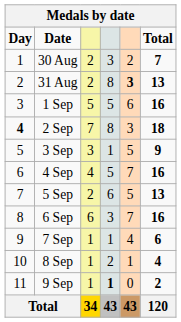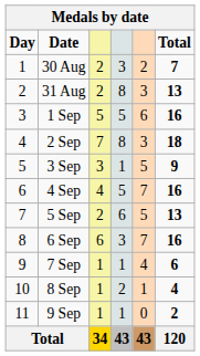 <table class="wikitable" style="font-size:95%;float:right;clear:right;margin-left:0.5em">
 <tr style="background:#efefef;">
 <th colspan=6>Medals by date</th>
 </tr>
 <tr style="text-align:center;">
 <td><strong>Day</strong></td>
 <td><strong>Date</strong></td>
 <td style="background:#F7F6A8;"></td>
 <td style="background:#DCE5E5;"></td>
 <td style="background:#FFDAB9;"></td>
 <td><strong>Total</strong></td>
 </tr>
 <tr style="text-align:center;">
 <td>1</td>
 <td>30 Aug</td>
 <td style="background:#F7F6A8;">2</td>
 <td style="background:#DCE5E5;">3</td>
 <td style="background:#FFDAB9;">2</td>
 <td><strong>7</strong></td>
 </tr>
 <tr style="text-align:center;">
 <td>2</td>
 <td>31 Aug</td>
 <td style="background:#F7F6A8;">2</td>
 <td style="background:#DCE5E5;">8</td>
-<td style="background:#FFDAB9;"><strong>3</strong></td>
+<td style="background:#FFDAB9;">3</td>
 <td><strong>13</strong></td>
 </tr>
 <tr style="text-align:center;">
 <td>3</td>
 <td>1 Sep</td>
 <td style="background:#F7F6A8;">5</td>
 <td style="background:#DCE5E5;">5</td>
 <td style="background:#FFDAB9;">6</td>
 <td><strong>16</strong></td>
 </tr>
 <tr style="text-align:center;">
-<td><strong>4</strong></td>
+<td>4</td>
 <td>2 Sep</td>
 <td style="background:#F7F6A8;">7</td>
 <td style="background:#DCE5E5;">8</td>
 <td style="background:#FFDAB9;">3</td>
 <td><strong>18</strong></td>
 </tr>
 <tr style="text-align:center;">
 <td>5</td>
 <td>3 Sep</td>
 <td style="background:#F7F6A8;">3</td>
 <td style="background:#DCE5E5;">1</td>
 <td style="background:#FFDAB9;">5</td>
 <td><strong>9</strong></td>
 </tr>
 <tr style="text-align:center;">
 <td>6</td>
 <td>4 Sep</td>
 <td style="background:#F7F6A8;">4</td>
 <td style="background:#DCE5E5;">5</td>
 <td style="background:#FFDAB9;">7</td>
 <td><strong>16</strong></td>
 </tr>
 <tr style="text-align:center;">
 <td>7</td>
 <td>5 Sep</td>
 <td style="background:#F7F6A8;">2</td>
 <td style="background:#DCE5E5;">6</td>
 <td style="background:#FFDAB9;">5</td>
 <td><strong>13</strong></td>
 </tr>
 <tr style="text-align:center;">
 <td>8</td>
 <td>6 Sep</td>
 <td style="background:#F7F6A8;">6</td>
 <td style="background:#DCE5E5;">3</td>
 <td style="background:#FFDAB9;">7</td>
 <td><strong>16</strong></td>
 </tr>
 <tr style="text-align:center;">
 <td>9</td>
 <td>7 Sep</td>
 <td style="background:#F7F6A8;">1</td>
 <td style="background:#DCE5E5;">1</td>
 <td style="background:#FFDAB9;">4</td>
 <td><strong>6</strong></td>
 </tr>
 <tr style="text-align:center;">
 <td>10</td>
 <td>8 Sep</td>
 <td style="background:#F7F6A8;">1</td>
 <td style="background:#DCE5E5;">2</td>
 <td style="background:#FFDAB9;">1</td>
 <td><strong>4</strong></td>
 </tr>
 <tr style="text-align:center;">
 <td>11</td>
 <td>9 Sep</td>
 <td style="background:#F7F6A8;">1</td>
-<td style="background:#DCE5E5;"><strong>1</strong></td>
+<td style="background:#DCE5E5;">1</td>
 <td style="background:#FFDAB9;">0</td>
 <td><strong>2</strong></td>
 </tr>
 <tr>
 <th colspan="2">Total</th>
 <th style="background:gold;">34</th>
 <th style="background:silver;">43</th>
 <th style="background:#c96;">43</th>
 <th>120</th>
 </tr>
 </table>
